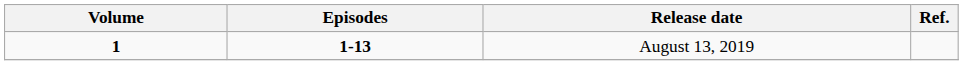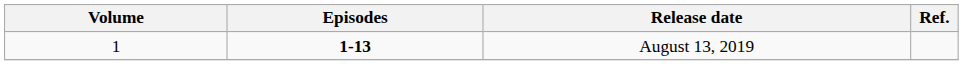 <table class="wikitable" style="text-align: center; width: 100%;">
 <tr>
 <th>Volume</th>
 <th>Episodes</th>
 <th>Release date</th>
 <th width="5%">Ref.</th>
 </tr>
 <tr>
-<td><strong>1</strong></td>
+<td>1</td>
 <td><strong>1-13</strong></td>
 <td>August 13, 2019</td>
 <td></td>
 </tr>
 <tr>
 </tr>
 </table>
